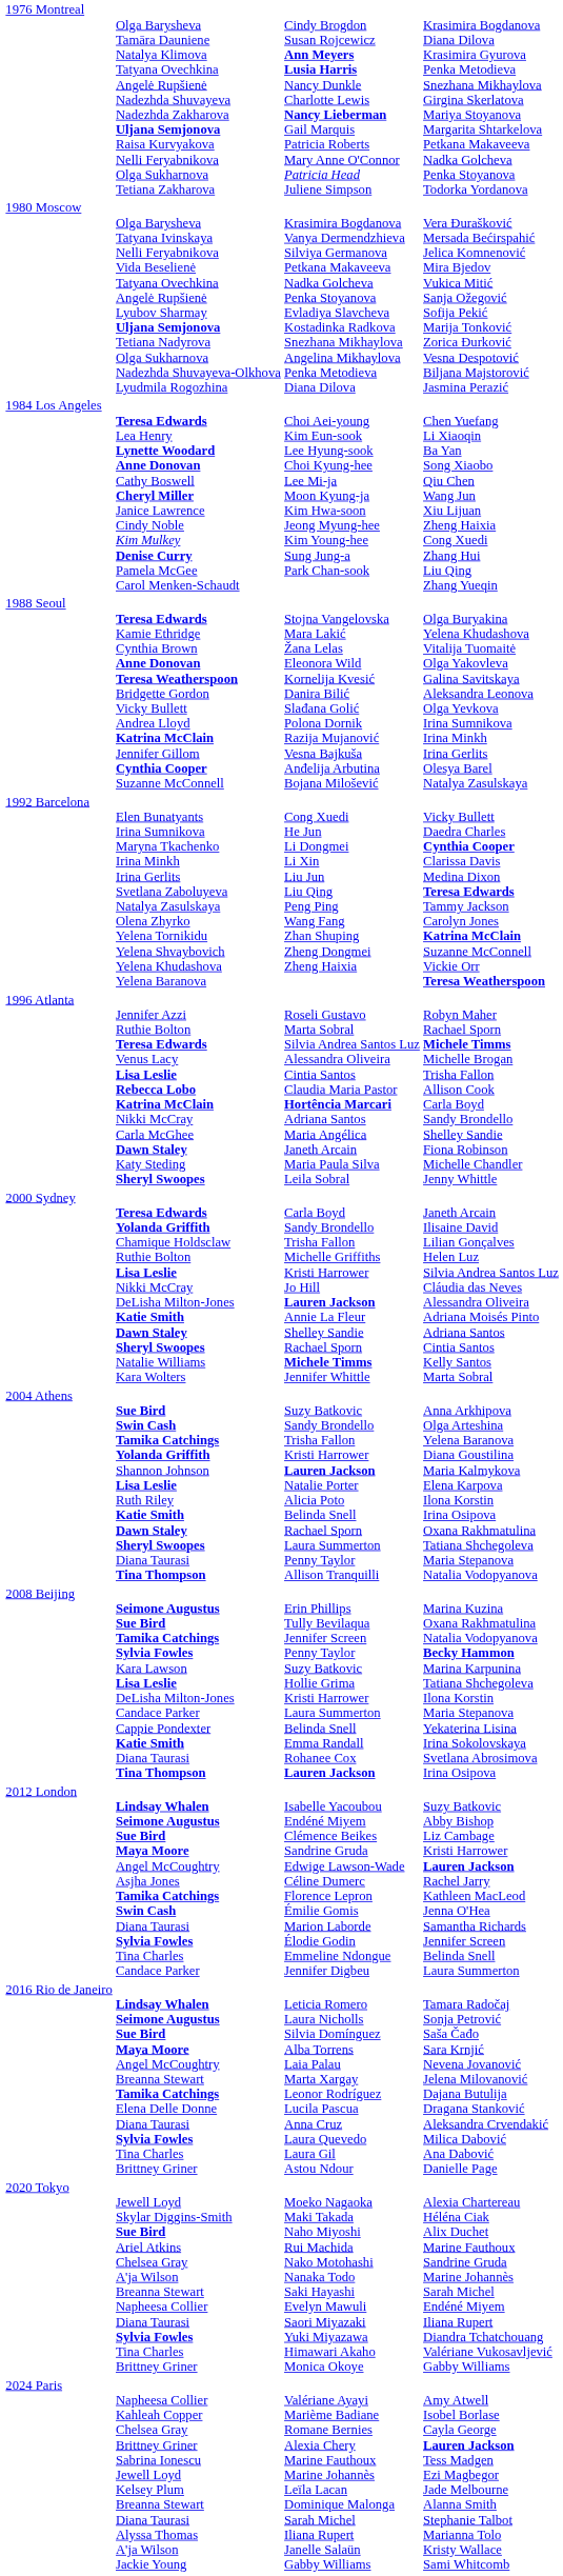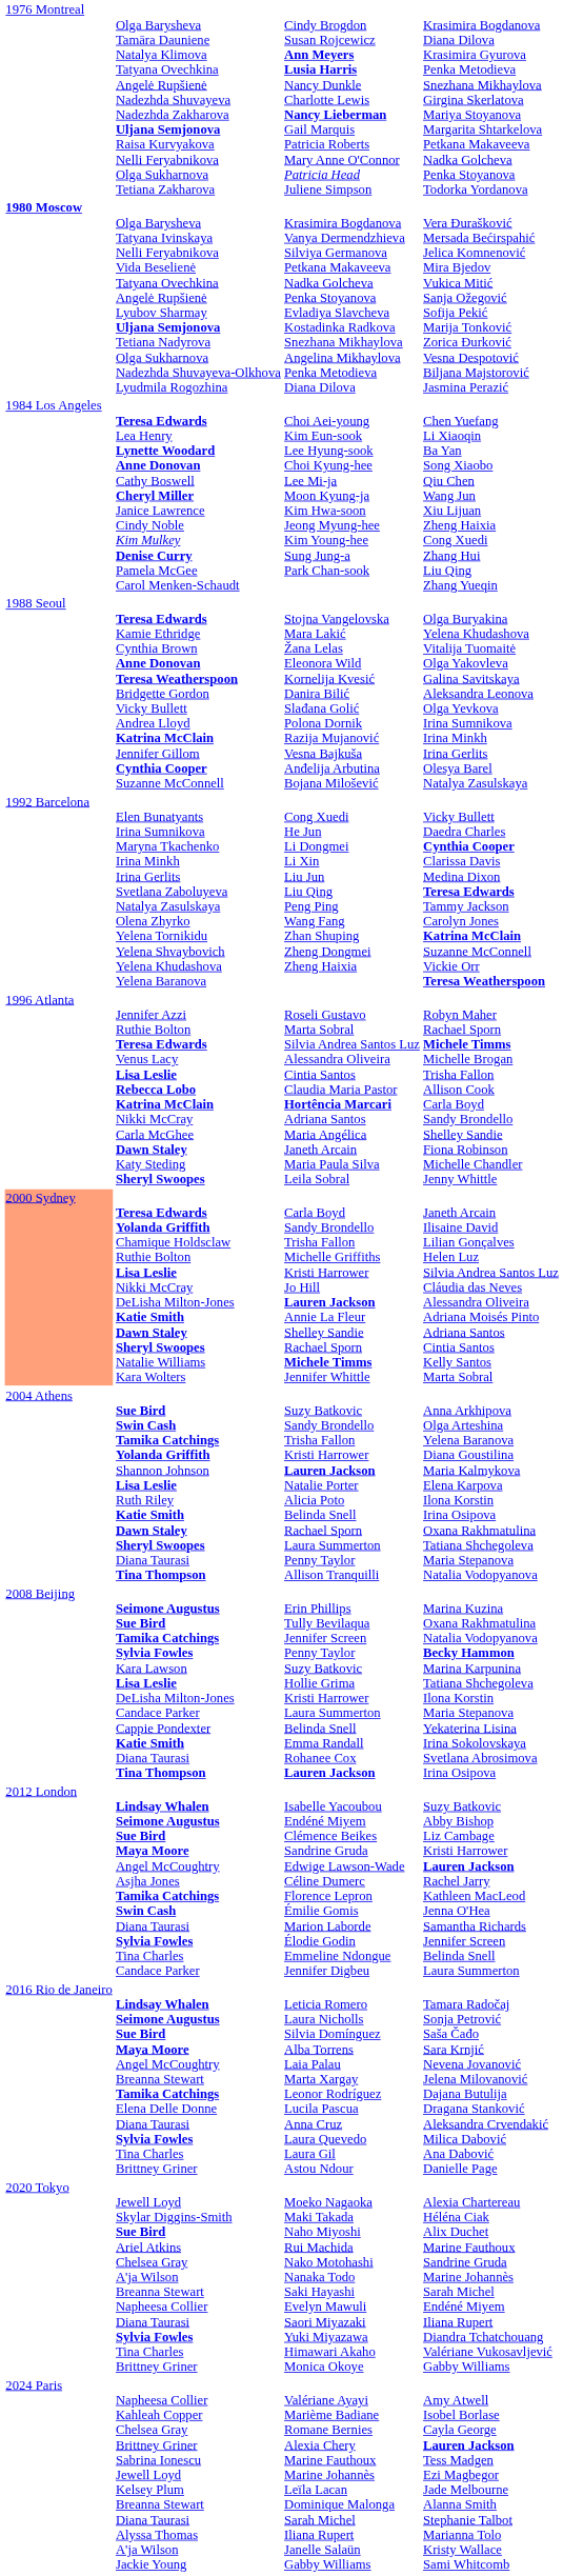 <table>
 <tr valign="top">
 <td><a href='#'>1976 Montreal</a><br></td>
 <td valign=top><br><a href='#'>Olga Barysheva</a><br><a href='#'>Tamāra Dauniene</a><br><a href='#'>Natalya Klimova</a><br><a href='#'>Tatyana Ovechkina</a><br><a href='#'>Angelė Rupšienė</a><br><a href='#'>Nadezhda Shuvayeva</a><br><a href='#'>Nadezhda Zakharova</a><br><strong><a href='#'>Uljana Semjonova</a></strong><br><a href='#'>Raisa Kurvyakova</a><br><a href='#'>Nelli Feryabnikova</a><br><a href='#'>Olga Sukharnova</a><br><a href='#'>Tetiana Zakharova</a></td>
 <td valign=top><br><a href='#'>Cindy Brogdon</a><br><a href='#'>Susan Rojcewicz</a><br><strong><a href='#'>Ann Meyers</a></strong><br><strong><a href='#'>Lusia Harris</a></strong><br><a href='#'>Nancy Dunkle</a><br><a href='#'>Charlotte Lewis</a><br><strong><a href='#'>Nancy Lieberman</a></strong><br><a href='#'>Gail Marquis</a><br><a href='#'>Patricia Roberts</a><br><a href='#'>Mary Anne O'Connor</a><br><em><a href='#'>Patricia Head</a></em><br><a href='#'>Juliene Simpson</a></td>
 <td valign=top><br><a href='#'>Krasimira Bogdanova</a><br><a href='#'>Diana Dilova</a><br><a href='#'>Krasimira Gyurova</a><br><a href='#'>Penka Metodieva</a><br><a href='#'>Snezhana Mikhaylova</a><br><a href='#'>Girgina Skerlatova</a><br><a href='#'>Mariya Stoyanova</a><br><a href='#'>Margarita Shtarkelova</a><br><a href='#'>Petkana Makaveeva</a><br><a href='#'>Nadka Golcheva</a><br><a href='#'>Penka Stoyanova</a><br><a href='#'>Todorka Yordanova</a></td>
 </tr>
 <tr valign="top">
-<td><a href='#'>1980 Moscow</a><br></td>
+<td><strong><a href='#'>1980 Moscow</a><br></strong></td>
 <td valign=top><br><a href='#'>Olga Barysheva</a><br><a href='#'>Tatyana Ivinskaya</a><br><a href='#'>Nelli Feryabnikova</a><br><a href='#'>Vida Beselienė</a><br><a href='#'>Tatyana Ovechkina</a><br><a href='#'>Angelė Rupšienė</a><br><a href='#'>Lyubov Sharmay</a><br><strong><a href='#'>Uljana Semjonova</a></strong><br><a href='#'>Tetiana Nadyrova</a><br><a href='#'>Olga Sukharnova</a><br><a href='#'>Nadezhda Shuvayeva-Olkhova</a><br><a href='#'>Lyudmila Rogozhina</a></td>
 <td valign=top><br><a href='#'>Krasimira Bogdanova</a><br><a href='#'>Vanya Dermendzhieva</a><br><a href='#'>Silviya Germanova</a><br><a href='#'>Petkana Makaveeva</a><br><a href='#'>Nadka Golcheva</a><br><a href='#'>Penka Stoyanova</a><br><a href='#'>Evladiya Slavcheva</a><br><a href='#'>Kostadinka Radkova</a><br><a href='#'>Snezhana Mikhaylova</a><br><a href='#'>Angelina Mikhaylova</a><br><a href='#'>Penka Metodieva</a><br><a href='#'>Diana Dilova</a></td>
 <td valign=top><br><a href='#'>Vera Ðurašković</a><br><a href='#'>Mersada Bećirspahić</a><br><a href='#'>Jelica Komnenović</a><br><a href='#'>Mira Bjedov</a><br><a href='#'>Vukica Mitić</a><br><a href='#'>Sanja Ožegović</a><br><a href='#'>Sofija Pekić</a><br><a href='#'>Marija Tonković</a><br><a href='#'>Zorica Ðurković</a><br><a href='#'>Vesna Despotović</a><br><a href='#'>Biljana Majstorović</a><br><a href='#'>Jasmina Perazić</a></td>
 </tr>
 <tr valign="top">
 <td><a href='#'>1984 Los Angeles</a><br></td>
 <td valign=top><br><strong><a href='#'>Teresa Edwards</a></strong><br><a href='#'>Lea Henry</a><br><strong><a href='#'>Lynette Woodard</a></strong><br><strong><a href='#'>Anne Donovan</a></strong><br><a href='#'>Cathy Boswell</a><br><strong><a href='#'>Cheryl Miller</a></strong><br><a href='#'>Janice Lawrence</a><br><a href='#'>Cindy Noble</a><br><em><a href='#'>Kim Mulkey</a></em><br><strong><a href='#'>Denise Curry</a></strong><br><a href='#'>Pamela McGee</a><br><a href='#'>Carol Menken-Schaudt</a></td>
 <td valign=top><br><a href='#'>Choi Aei-young</a><br><a href='#'>Kim Eun-sook</a><br><a href='#'>Lee Hyung-sook</a><br><a href='#'>Choi Kyung-hee</a><br><a href='#'>Lee Mi-ja</a><br><a href='#'>Moon Kyung-ja</a><br><a href='#'>Kim Hwa-soon</a><br><a href='#'>Jeong Myung-hee</a><br><a href='#'>Kim Young-hee</a><br><a href='#'>Sung Jung-a</a><br><a href='#'>Park Chan-sook</a></td>
 <td valign=top><br><a href='#'>Chen Yuefang</a><br><a href='#'>Li Xiaoqin</a><br><a href='#'>Ba Yan</a><br><a href='#'>Song Xiaobo</a><br><a href='#'>Qiu Chen</a><br><a href='#'>Wang Jun</a><br><a href='#'>Xiu Lijuan</a><br><a href='#'>Zheng Haixia</a><br><a href='#'>Cong Xuedi</a><br><a href='#'>Zhang Hui</a><br><a href='#'>Liu Qing</a><br><a href='#'>Zhang Yueqin</a></td>
 </tr>
 <tr valign="top">
 <td><a href='#'>1988 Seoul</a><br></td>
 <td valign=top><br><strong><a href='#'>Teresa Edwards</a></strong><br><a href='#'>Kamie Ethridge</a><br><a href='#'>Cynthia Brown</a><br><strong><a href='#'>Anne Donovan</a></strong><br><strong><a href='#'>Teresa Weatherspoon</a></strong><br><a href='#'>Bridgette Gordon</a><br><a href='#'>Vicky Bullett</a><br><a href='#'>Andrea Lloyd</a><br><strong><a href='#'>Katrina McClain</a></strong><br><a href='#'>Jennifer Gillom</a><br><strong><a href='#'>Cynthia Cooper</a></strong><br><a href='#'>Suzanne McConnell</a></td>
 <td valign=top><br><a href='#'>Stojna Vangelovska</a><br><a href='#'>Mara Lakić</a><br><a href='#'>Žana Lelas</a><br><a href='#'>Eleonora Wild</a><br><a href='#'>Kornelija Kvesić</a><br><a href='#'>Danira Bilić</a><br><a href='#'>Slađana Golić</a><br><a href='#'>Polona Dornik</a><br><a href='#'>Razija Mujanović</a><br><a href='#'>Vesna Bajkuša</a><br><a href='#'>Anđelija Arbutina</a><br><a href='#'>Bojana Milošević</a></td>
 <td valign=top><br><a href='#'>Olga Buryakina</a><br><a href='#'>Yelena Khudashova</a><br><a href='#'>Vitalija Tuomaitė</a><br><a href='#'>Olga Yakovleva</a><br><a href='#'>Galina Savitskaya</a><br><a href='#'>Aleksandra Leonova</a><br><a href='#'>Olga Yevkova</a><br><a href='#'>Irina Sumnikova</a><br><a href='#'>Irina Minkh</a><br><a href='#'>Irina Gerlits</a><br><a href='#'>Olesya Barel</a><br><a href='#'>Natalya Zasulskaya</a></td>
 </tr>
 <tr valign="top">
 <td><a href='#'>1992 Barcelona</a><br></td>
 <td valign=top><br><a href='#'>Elen Bunatyants</a><br><a href='#'>Irina Sumnikova</a><br><a href='#'>Maryna Tkachenko</a><br><a href='#'>Irina Minkh</a><br><a href='#'>Irina Gerlits</a><br><a href='#'>Svetlana Zaboluyeva</a><br><a href='#'>Natalya Zasulskaya</a><br><a href='#'>Olena Zhyrko</a><br><a href='#'>Yelena Tornikidu</a><br><a href='#'>Yelena Shvaybovich</a><br><a href='#'>Yelena Khudashova</a><br><a href='#'>Yelena Baranova</a></td>
 <td valign=top><br><a href='#'>Cong Xuedi</a><br><a href='#'>He Jun</a><br><a href='#'>Li Dongmei</a><br><a href='#'>Li Xin</a><br><a href='#'>Liu Jun</a><br><a href='#'>Liu Qing</a><br><a href='#'>Peng Ping</a><br><a href='#'>Wang Fang</a><br><a href='#'>Zhan Shuping</a><br><a href='#'>Zheng Dongmei</a><br><a href='#'>Zheng Haixia</a></td>
 <td valign=top><br><a href='#'>Vicky Bullett</a><br><a href='#'>Daedra Charles</a><br><strong><a href='#'>Cynthia Cooper</a></strong><br><a href='#'>Clarissa Davis</a><br><a href='#'>Medina Dixon</a><br><strong><a href='#'>Teresa Edwards</a></strong><br><a href='#'>Tammy Jackson</a><br><a href='#'>Carolyn Jones</a><br><strong><a href='#'>Katrina McClain</a></strong><br><a href='#'>Suzanne McConnell</a><br><a href='#'>Vickie Orr</a><br><strong><a href='#'>Teresa Weatherspoon</a></strong></td>
 </tr>
 <tr valign="top">
 <td><a href='#'>1996 Atlanta</a><br></td>
 <td valign=top><br><a href='#'>Jennifer Azzi</a><br><a href='#'>Ruthie Bolton</a><br><strong><a href='#'>Teresa Edwards</a></strong><br><a href='#'>Venus Lacy</a><br><strong><a href='#'>Lisa Leslie</a></strong><br><strong><a href='#'>Rebecca Lobo</a></strong><br><strong><a href='#'>Katrina McClain</a></strong><br><a href='#'>Nikki McCray</a><br><a href='#'>Carla McGhee</a><br><strong><a href='#'>Dawn Staley</a></strong><br><a href='#'>Katy Steding</a><br><strong><a href='#'>Sheryl Swoopes</a></strong></td>
 <td valign=top><br><a href='#'>Roseli Gustavo</a><br><a href='#'>Marta Sobral</a><br><a href='#'>Silvia Andrea Santos Luz</a><br><a href='#'>Alessandra Oliveira</a><br><a href='#'>Cintia Santos</a><br><a href='#'>Claudia Maria Pastor</a><br><strong><a href='#'>Hortência Marcari</a></strong><br><a href='#'>Adriana Santos</a><br><a href='#'>Maria Angélica</a><br><a href='#'>Janeth Arcain</a><br><a href='#'>Maria Paula Silva</a><br><a href='#'>Leila Sobral</a></td>
 <td valign=top><br><a href='#'>Robyn Maher</a><br><a href='#'>Rachael Sporn</a><br><strong><a href='#'>Michele Timms</a></strong><br><a href='#'>Michelle Brogan</a><br><a href='#'>Trisha Fallon</a><br><a href='#'>Allison Cook</a><br><a href='#'>Carla Boyd</a><br><a href='#'>Sandy Brondello</a><br><a href='#'>Shelley Sandie</a><br><a href='#'>Fiona Robinson</a><br><a href='#'>Michelle Chandler</a><br><a href='#'>Jenny Whittle</a></td>
 </tr>
 <tr valign="top">
-<td><a href='#'>2000 Sydney</a><br></td>
+<td style="background: lightsalmon;"><a href='#'>2000 Sydney</a><br></td>
 <td valign=top><br><strong><a href='#'>Teresa Edwards</a></strong><br><strong><a href='#'>Yolanda Griffith</a></strong><br><a href='#'>Chamique Holdsclaw</a><br><a href='#'>Ruthie Bolton</a><br><strong><a href='#'>Lisa Leslie</a></strong><br><a href='#'>Nikki McCray</a><br><a href='#'>DeLisha Milton-Jones</a><br><strong><a href='#'>Katie Smith</a></strong><br><strong><a href='#'>Dawn Staley</a></strong><br><strong><a href='#'>Sheryl Swoopes</a></strong><br><a href='#'>Natalie Williams</a><br><a href='#'>Kara Wolters</a></td>
 <td valign=top><br><a href='#'>Carla Boyd</a><br><a href='#'>Sandy Brondello</a><br><a href='#'>Trisha Fallon</a><br><a href='#'>Michelle Griffiths</a><br><a href='#'>Kristi Harrower</a><br><a href='#'>Jo Hill</a><br><strong><a href='#'>Lauren Jackson</a></strong><br><a href='#'>Annie La Fleur</a><br><a href='#'>Shelley Sandie</a><br><a href='#'>Rachael Sporn</a><br><strong><a href='#'>Michele Timms</a></strong><br><a href='#'>Jennifer Whittle</a></td>
 <td valign=top><br><a href='#'>Janeth Arcain</a><br><a href='#'>Ilisaine David</a><br><a href='#'>Lilian Gonçalves</a><br><a href='#'>Helen Luz</a><br><a href='#'>Silvia Andrea Santos Luz</a><br><a href='#'>Cláudia das Neves</a><br><a href='#'>Alessandra Oliveira</a><br><a href='#'>Adriana Moisés Pinto</a><br><a href='#'>Adriana Santos</a><br><a href='#'>Cintia Santos</a><br><a href='#'>Kelly Santos</a><br><a href='#'>Marta Sobral</a></td>
 </tr>
 <tr valign="top">
 <td><a href='#'>2004 Athens</a><br></td>
 <td valign=top><br><strong><a href='#'>Sue Bird</a></strong><br><strong><a href='#'>Swin Cash</a></strong><br><strong><a href='#'>Tamika Catchings</a></strong><br><strong><a href='#'>Yolanda Griffith</a></strong><br><a href='#'>Shannon Johnson</a><br><strong><a href='#'>Lisa Leslie</a></strong><br><a href='#'>Ruth Riley</a><br><strong><a href='#'>Katie Smith</a></strong><br><strong><a href='#'>Dawn Staley</a></strong><br><strong><a href='#'>Sheryl Swoopes</a></strong><br><a href='#'>Diana Taurasi</a><br><strong><a href='#'>Tina Thompson</a></strong></td>
 <td valign=top><br><a href='#'>Suzy Batkovic</a><br><a href='#'>Sandy Brondello</a><br><a href='#'>Trisha Fallon</a><br><a href='#'>Kristi Harrower</a><br><strong><a href='#'>Lauren Jackson</a></strong><br><a href='#'>Natalie Porter</a><br><a href='#'>Alicia Poto</a><br><a href='#'>Belinda Snell</a><br><a href='#'>Rachael Sporn</a><br><a href='#'>Laura Summerton</a><br><a href='#'>Penny Taylor</a><br><a href='#'>Allison Tranquilli</a></td>
 <td valign=top><br><a href='#'>Anna Arkhipova</a><br><a href='#'>Olga Arteshina</a><br><a href='#'>Yelena Baranova</a><br><a href='#'>Diana Goustilina</a><br><a href='#'>Maria Kalmykova</a><br><a href='#'>Elena Karpova</a><br><a href='#'>Ilona Korstin</a><br><a href='#'>Irina Osipova</a><br><a href='#'>Oxana Rakhmatulina</a><br><a href='#'>Tatiana Shchegoleva</a><br><a href='#'>Maria Stepanova</a><br><a href='#'>Natalia Vodopyanova</a></td>
 </tr>
 <tr valign="top">
 <td><a href='#'>2008 Beijing</a><br></td>
 <td valign=top><br><strong><a href='#'>Seimone Augustus</a></strong><br><strong><a href='#'>Sue Bird</a></strong><br><strong><a href='#'>Tamika Catchings</a></strong><br><strong><a href='#'>Sylvia Fowles</a></strong><br><a href='#'>Kara Lawson</a><br><strong><a href='#'>Lisa Leslie</a></strong><br><a href='#'>DeLisha Milton-Jones</a><br><a href='#'>Candace Parker</a><br><a href='#'>Cappie Pondexter</a><br><strong><a href='#'>Katie Smith</a></strong><br><a href='#'>Diana Taurasi</a><br><strong><a href='#'>Tina Thompson</a></strong></td>
 <td valign=top><br><a href='#'>Erin Phillips</a><br><a href='#'>Tully Bevilaqua</a><br><a href='#'>Jennifer Screen</a><br><a href='#'>Penny Taylor</a><br><a href='#'>Suzy Batkovic</a><br><a href='#'>Hollie Grima</a><br><a href='#'>Kristi Harrower</a><br><a href='#'>Laura Summerton</a><br><a href='#'>Belinda Snell</a><br><a href='#'>Emma Randall</a><br><a href='#'>Rohanee Cox</a><br><strong><a href='#'>Lauren Jackson</a></strong></td>
 <td valign=top><br><a href='#'>Marina Kuzina</a><br><a href='#'>Oxana Rakhmatulina</a><br><a href='#'>Natalia Vodopyanova</a><br><strong><a href='#'>Becky Hammon</a></strong><br><a href='#'>Marina Karpunina</a><br><a href='#'>Tatiana Shchegoleva</a><br><a href='#'>Ilona Korstin</a><br><a href='#'>Maria Stepanova</a><br><a href='#'>Yekaterina Lisina</a><br><a href='#'>Irina Sokolovskaya</a><br><a href='#'>Svetlana Abrosimova</a><br><a href='#'>Irina Osipova</a></td>
 </tr>
 <tr valign="top">
 <td><a href='#'>2012 London</a><br></td>
 <td><br><strong><a href='#'>Lindsay Whalen</a></strong><br><strong><a href='#'>Seimone Augustus</a></strong><br><strong><a href='#'>Sue Bird</a></strong><br><strong><a href='#'>Maya Moore</a></strong><br><a href='#'>Angel McCoughtry</a><br><a href='#'>Asjha Jones</a><br><strong><a href='#'>Tamika Catchings</a></strong><br><strong><a href='#'>Swin Cash</a></strong><br><a href='#'>Diana Taurasi</a><br><strong><a href='#'>Sylvia Fowles</a></strong><br><a href='#'>Tina Charles</a><br><a href='#'>Candace Parker</a></td>
 <td><br><a href='#'>Isabelle Yacoubou</a><br><a href='#'>Endéné Miyem</a><br><a href='#'>Clémence Beikes</a><br><a href='#'>Sandrine Gruda</a><br><a href='#'>Edwige Lawson-Wade</a><br><a href='#'>Céline Dumerc</a><br><a href='#'>Florence Lepron</a><br><a href='#'>Émilie Gomis</a><br><a href='#'>Marion Laborde</a><br><a href='#'>Élodie Godin</a><br><a href='#'>Emmeline Ndongue</a><br><a href='#'>Jennifer Digbeu</a></td>
 <td><br><a href='#'>Suzy Batkovic</a><br><a href='#'>Abby Bishop</a><br><a href='#'>Liz Cambage</a><br><a href='#'>Kristi Harrower</a><br><strong><a href='#'>Lauren Jackson</a></strong><br><a href='#'>Rachel Jarry</a><br><a href='#'>Kathleen MacLeod</a><br><a href='#'>Jenna O'Hea</a><br><a href='#'>Samantha Richards</a><br><a href='#'>Jennifer Screen</a><br><a href='#'>Belinda Snell</a><br><a href='#'>Laura Summerton</a></td>
 </tr>
 <tr valign="top">
 <td><a href='#'>2016 Rio de Janeiro</a><br></td>
 <td><br><strong><a href='#'>Lindsay Whalen</a></strong><br><strong><a href='#'>Seimone Augustus</a></strong><br><strong><a href='#'>Sue Bird</a></strong><br><strong><a href='#'>Maya Moore</a></strong><br><a href='#'>Angel McCoughtry</a><br><a href='#'>Breanna Stewart</a><br><strong><a href='#'>Tamika Catchings</a></strong><br><a href='#'>Elena Delle Donne</a><br><a href='#'>Diana Taurasi</a><br><strong><a href='#'>Sylvia Fowles</a></strong><br><a href='#'>Tina Charles</a><br><a href='#'>Brittney Griner</a></td>
 <td><br><a href='#'>Leticia Romero</a><br><a href='#'>Laura Nicholls</a><br><a href='#'>Silvia Domínguez</a><br><a href='#'>Alba Torrens</a><br><a href='#'>Laia Palau</a><br><a href='#'>Marta Xargay</a><br><a href='#'>Leonor Rodríguez</a><br><a href='#'>Lucila Pascua</a><br><a href='#'>Anna Cruz</a><br><a href='#'>Laura Quevedo</a><br><a href='#'>Laura Gil</a><br><a href='#'>Astou Ndour</a></td>
 <td><br><a href='#'>Tamara Radočaj</a><br><a href='#'>Sonja Petrović</a><br><a href='#'>Saša Čađo</a><br><a href='#'>Sara Krnjić</a><br><a href='#'>Nevena Jovanović</a><br><a href='#'>Jelena Milovanović</a><br><a href='#'>Dajana Butulija</a><br><a href='#'>Dragana Stanković</a><br><a href='#'>Aleksandra Crvendakić</a><br><a href='#'>Milica Dabović</a><br><a href='#'>Ana Dabović</a><br><a href='#'>Danielle Page</a></td>
 </tr>
 <tr valign="top">
 <td><a href='#'>2020 Tokyo</a><br></td>
 <td><br><a href='#'>Jewell Loyd</a><br><a href='#'>Skylar Diggins-Smith</a><br><strong><a href='#'>Sue Bird</a></strong><br><a href='#'>Ariel Atkins</a><br><a href='#'>Chelsea Gray</a><br><a href='#'>A'ja Wilson</a><br><a href='#'>Breanna Stewart</a><br><a href='#'>Napheesa Collier</a><br><a href='#'>Diana Taurasi</a><br><strong><a href='#'>Sylvia Fowles</a></strong><br><a href='#'>Tina Charles</a><br><a href='#'>Brittney Griner</a></td>
 <td><br><a href='#'>Moeko Nagaoka</a><br><a href='#'>Maki Takada</a><br><a href='#'>Naho Miyoshi</a><br><a href='#'>Rui Machida</a><br><a href='#'>Nako Motohashi</a><br><a href='#'>Nanaka Todo</a><br><a href='#'>Saki Hayashi</a><br><a href='#'>Evelyn Mawuli</a><br><a href='#'>Saori Miyazaki</a><br><a href='#'>Yuki Miyazawa</a><br><a href='#'>Himawari Akaho</a><br><a href='#'>Monica Okoye</a></td>
 <td><br><a href='#'>Alexia Chartereau</a><br><a href='#'>Héléna Ciak</a><br><a href='#'>Alix Duchet</a><br><a href='#'>Marine Fauthoux</a><br><a href='#'>Sandrine Gruda</a><br><a href='#'>Marine Johannès</a><br><a href='#'>Sarah Michel</a><br><a href='#'>Endéné Miyem</a><br><a href='#'>Iliana Rupert</a><br><a href='#'>Diandra Tchatchouang</a><br><a href='#'>Valériane Vukosavljević</a><br><a href='#'>Gabby Williams</a></td>
 </tr>
 <tr valign="top">
 <td><a href='#'>2024 Paris</a> <br></td>
 <td><br><a href='#'>Napheesa Collier</a><br><a href='#'>Kahleah Copper</a><br><a href='#'>Chelsea Gray</a><br><a href='#'>Brittney Griner</a><br><a href='#'>Sabrina Ionescu</a><br><a href='#'>Jewell Loyd</a><br><a href='#'>Kelsey Plum</a><br><a href='#'>Breanna Stewart</a><br><a href='#'>Diana Taurasi</a><br><a href='#'>Alyssa Thomas</a><br><a href='#'>A'ja Wilson</a><br><a href='#'>Jackie Young</a></td>
 <td><br><a href='#'>Valériane Ayayi</a><br><a href='#'>Marième Badiane</a><br><a href='#'>Romane Bernies</a><br><a href='#'>Alexia Chery</a><br><a href='#'>Marine Fauthoux</a><br><a href='#'>Marine Johannès</a><br><a href='#'>Leïla Lacan</a><br><a href='#'>Dominique Malonga</a><br><a href='#'>Sarah Michel</a><br><a href='#'>Iliana Rupert</a><br><a href='#'>Janelle Salaün</a><br><a href='#'>Gabby Williams</a></td>
 <td><br><a href='#'>Amy Atwell</a><br><a href='#'>Isobel Borlase</a><br><a href='#'>Cayla George</a><br><strong><a href='#'>Lauren Jackson</a></strong><br><a href='#'>Tess Madgen</a><br><a href='#'>Ezi Magbegor</a><br><a href='#'>Jade Melbourne</a><br><a href='#'>Alanna Smith</a><br><a href='#'>Stephanie Talbot</a><br><a href='#'>Marianna Tolo</a><br><a href='#'>Kristy Wallace</a><br><a href='#'>Sami Whitcomb</a></td>
 </tr>
 </table>
